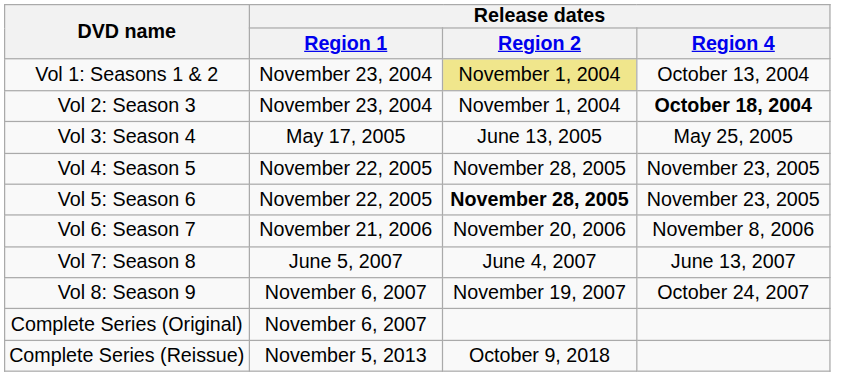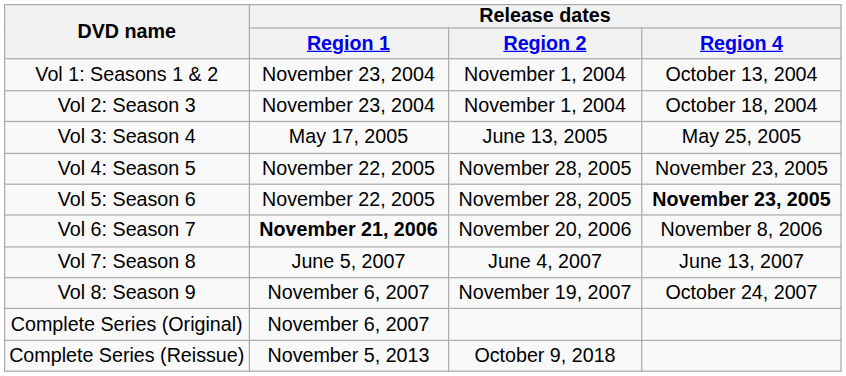 <table class="wikitable" style="text-align: center">
 <tr>
 <th style="padding:0 8px;" rowspan="2">DVD name</th>
 <th style="padding:0 8px;" colspan="3">Release dates</th>
 </tr>
 <tr>
 <th><a href='#'>Region 1</a></th>
 <th><a href='#'>Region 2</a></th>
 <th><a href='#'>Region 4</a></th>
 </tr>
 <tr>
 <td>Vol 1: Seasons 1 & 2</td>
 <td>November 23, 2004</td>
-<td style="background: khaki;">November 1, 2004</td>
+<td>November 1, 2004</td>
 <td>October 13, 2004</td>
 </tr>
 <tr>
 <td>Vol 2: Season 3</td>
 <td>November 23, 2004</td>
 <td>November 1, 2004</td>
-<td><strong>October 18, 2004</strong></td>
+<td>October 18, 2004</td>
 </tr>
 <tr>
 <td>Vol 3: Season 4</td>
 <td>May 17, 2005</td>
 <td>June 13, 2005</td>
 <td>May 25, 2005</td>
 </tr>
 <tr>
 <td>Vol 4: Season 5</td>
 <td>November 22, 2005</td>
 <td>November 28, 2005</td>
 <td>November 23, 2005</td>
 </tr>
 <tr>
 <td>Vol 5: Season 6</td>
 <td>November 22, 2005</td>
-<td><strong>November 28, 2005</strong></td>
-<td style="padding:0 8px;">November 23, 2005</td>
+<td>November 28, 2005</td>
+<td style="padding:0 8px;"><strong>November 23, 2005</strong></td>
 </tr>
 <tr>
 <td>Vol 6: Season 7</td>
-<td style="padding:0 8px;">November 21, 2006</td>
+<td style="padding:0 8px;"><strong>November 21, 2006</strong></td>
 <td>November 20, 2006</td>
 <td>November 8, 2006</td>
 </tr>
 <tr>
 <td>Vol 7: Season 8</td>
 <td>June 5, 2007</td>
 <td>June 4, 2007</td>
 <td>June 13, 2007</td>
 </tr>
 <tr>
 <td>Vol 8: Season 9</td>
 <td>November 6, 2007</td>
 <td style="padding:0 8px;">November 19, 2007</td>
 <td>October 24, 2007</td>
 </tr>
 <tr>
 <td>Complete Series (Original)</td>
 <td>November 6, 2007</td>
 <td></td>
 <td></td>
 </tr>
 <tr>
 <td>Complete Series (Reissue)</td>
 <td>November 5, 2013</td>
 <td style="padding:0 8px;">October 9, 2018</td>
 <td></td>
 </tr>
 </table>
